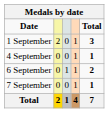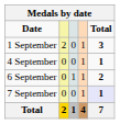 <table class="wikitable" style="font-size:85%">
 <tr bgcolor="#efefef">
 <th colspan=6>Medals by date</th>
 </tr>
 <tr align=center>
 <td><strong>Date</strong></td>
 <td bgcolor=#f7f6a8></td>
 <td bgcolor=#dce5e5></td>
 <td bgcolor=#ffdab9></td>
 <td><strong>Total</strong></td>
 </tr>
 <tr align=center>
 <td>1 September</td>
 <td style="background:#F7F6A8;">2</td>
 <td style="background:#DCE5E5;">0</td>
 <td style="background:#FFDAB9;">1</td>
 <td><strong>3</strong></td>
 </tr>
 <tr align=center>
 <td>4 September</td>
 <td style="background:#F7F6A8;">0</td>
 <td style="background:#DCE5E5;">0</td>
 <td style="background:#FFDAB9;">1</td>
 <td><strong>1</strong></td>
 </tr>
 <tr align=center>
 <td>6 September</td>
 <td style="background:#F7F6A8;">0</td>
 <td style="background:#DCE5E5;">1</td>
 <td style="background:#FFDAB9;">1</td>
 <td><strong>2</strong></td>
 </tr>
 <tr align=center>
 <td>7 September</td>
 <td style="background:#F7F6A8;">0</td>
 <td style="background:#DCE5E5;">0</td>
 <td style="background:#FFDAB9;">1</td>
-<td><strong>1</strong></td>
+<td style="background: lavender;"><strong>1</strong></td>
 </tr>
 <tr align=center>
 <th><strong>Total</strong></th>
 <th style="background:gold;"><strong>2</strong></th>
 <th style="background:silver;"><strong>1</strong></th>
 <th style="background:#c96;"><strong>4</strong></th>
 <th>7</th>
 </tr>
 </table>
